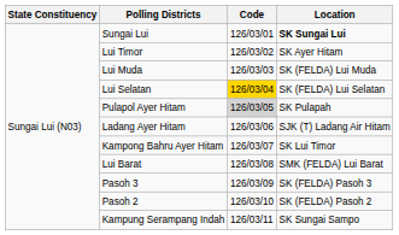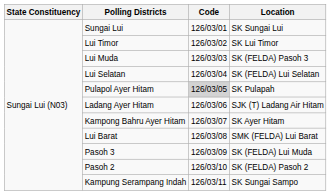 <table class="wikitable sortable mw-collapsible">
 <tr>
 <th><small>State Constituency</small></th>
 <th><small>Polling Districts</small></th>
 <th><small>Code</small></th>
 <th><small>Location</small></th>
 </tr>
 <tr>
 <td rowspan="11"><small>Sungai Lui (N03)</small></td>
 <td><small>Sungai Lui</small></td>
 <td><small>126/03/01</small></td>
-<td><strong><small>SK Sungai Lui</small></strong></td>
+<td><small>SK Sungai Lui</small></td>
 </tr>
 <tr>
 <td><small>Lui Timor</small></td>
 <td><small>126/03/02</small></td>
-<td><small>SK Ayer Hitam</small></td>
+<td><small>SK Lui Timor</small></td>
 </tr>
 <tr>
 <td><small>Lui Muda</small></td>
 <td><small>126/03/03</small></td>
-<td><small>SK (FELDA) Lui Muda</small></td>
+<td><small>SK (FELDA) Pasoh 3</small></td>
 </tr>
 <tr>
 <td><small>Lui Selatan</small></td>
-<td style="background: gold;"><small>126/03/04</small></td>
+<td><small>126/03/04</small></td>
 <td><small>SK (FELDA) Lui Selatan</small></td>
 </tr>
 <tr>
 <td><small>Pulapol Ayer Hitam</small></td>
 <td style="background: lightgrey;"><small>126/03/05</small></td>
 <td><small>SK Pulapah</small></td>
 </tr>
 <tr>
 <td><small>Ladang Ayer Hitam</small></td>
 <td><small>126/03/06</small></td>
 <td><small>SJK (T) Ladang Air Hitam</small></td>
 </tr>
 <tr>
 <td><small>Kampong Bahru Ayer Hitam</small></td>
 <td><small>126/03/07</small></td>
-<td><small>SK Lui Timor</small></td>
+<td><small>SK Ayer Hitam</small></td>
 </tr>
 <tr>
 <td><small>Lui Barat</small></td>
 <td><small>126/03/08</small></td>
 <td><small>SMK (FELDA) Lui Barat</small></td>
 </tr>
 <tr>
 <td><small>Pasoh 3</small></td>
 <td><small>126/03/09</small></td>
-<td><small>SK (FELDA) Pasoh 3</small></td>
+<td><small>SK (FELDA) Lui Muda</small></td>
 </tr>
 <tr>
 <td><small>Pasoh 2</small></td>
 <td><small>126/03/10</small></td>
 <td><small>SK (FELDA) Pasoh 2</small></td>
 </tr>
 <tr>
 <td><small>Kampung Serampang Indah</small></td>
 <td><small>126/03/11</small></td>
 <td><small>SK Sungai Sampo</small></td>
 </tr>
 </table>
